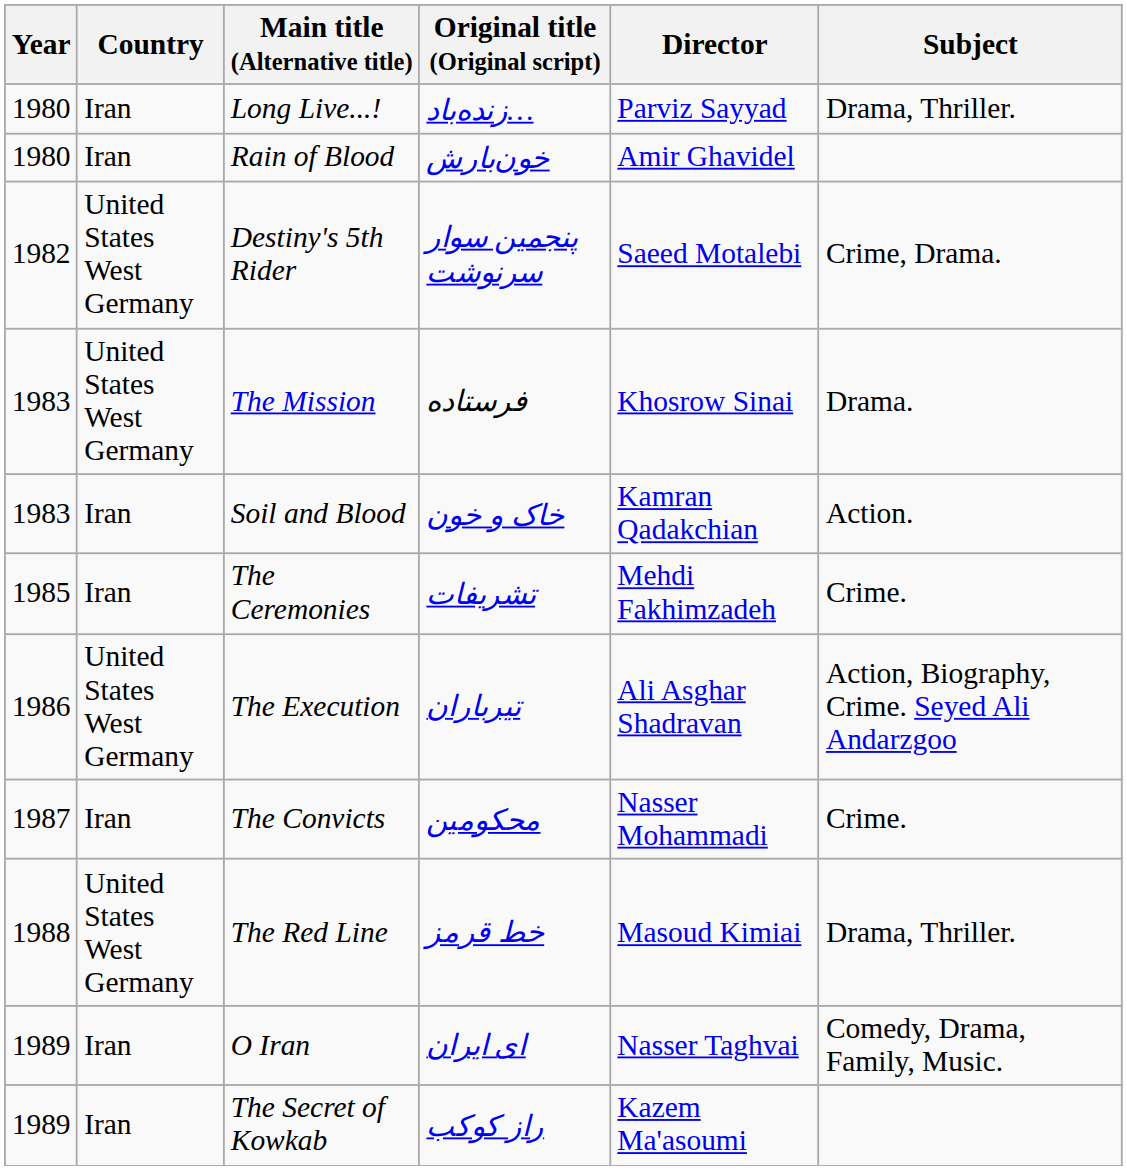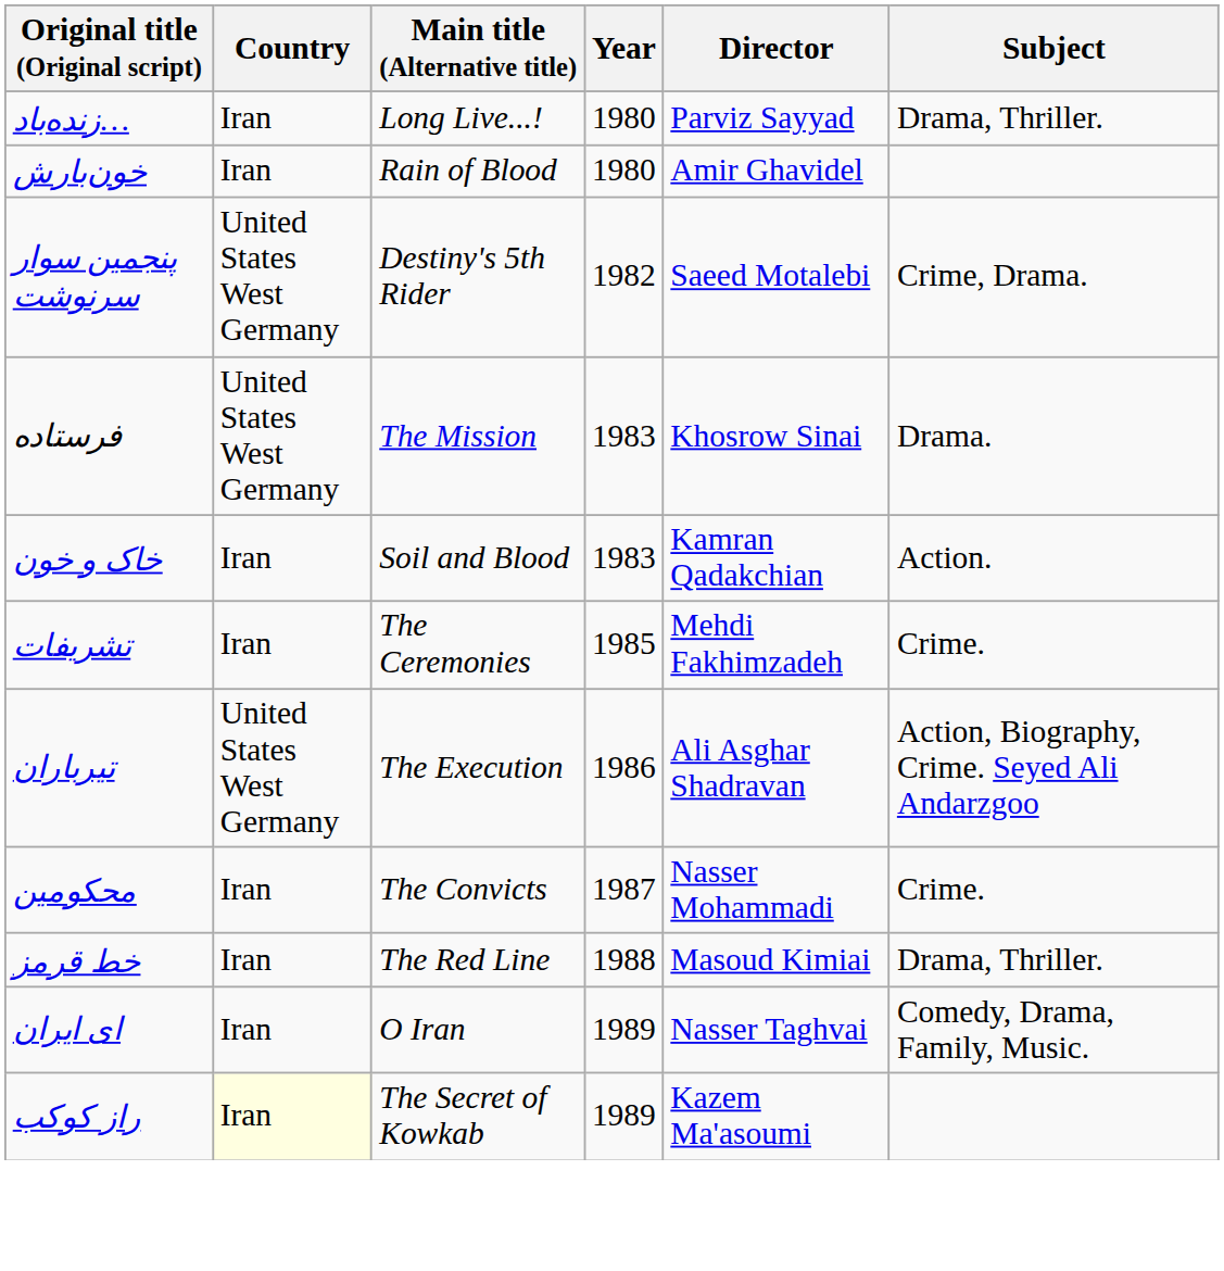 <table class="wikitable sortable">
 <tr>
-<th>Year</th>
+<th class="unsortable">Original title<br><small>(Original script)</small></th>
 <th>Country</th>
 <th class="unsortable">Main title<br><small>(Alternative title)</small></th>
-<th class="unsortable">Original title<br><small>(Original script)</small></th>
+<th>Year</th>
 <th>Director</th>
 <th class="unsortable">Subject</th>
 </tr>
 <tr>
-<td>1980</td>
+<td><em><a href='#'>زنده‌باد…</a></em></td>
 <td>Iran</td>
 <td><em>Long Live...!</em></td>
-<td><em><a href='#'>زنده‌باد…</a></em></td>
+<td>1980</td>
 <td><a href='#'>Parviz Sayyad</a></td>
 <td>Drama, Thriller.</td>
 </tr>
 <tr>
-<td>1980</td>
+<td><em><a href='#'>خون‌بارش</a></em></td>
 <td>Iran</td>
 <td><em>Rain of Blood</em></td>
-<td><em><a href='#'>خون‌بارش</a></em></td>
+<td>1980</td>
 <td><a href='#'>Amir Ghavidel</a></td>
 <td></td>
 </tr>
 <tr>
-<td>1982</td>
+<td><em><a href='#'>پنجمین سوار سرنوشت</a></em></td>
 <td>United States<br>West Germany</td>
 <td><em>Destiny's 5th Rider</em></td>
-<td><em><a href='#'>پنجمین سوار سرنوشت</a></em></td>
+<td>1982</td>
 <td><a href='#'>Saeed Motalebi</a></td>
 <td>Crime, Drama.</td>
 </tr>
 <tr>
-<td>1983</td>
+<td><em>فرستاده</em></td>
 <td>United States<br>West Germany</td>
 <td><em><a href='#'>The Mission</a></em></td>
-<td><em>فرستاده</em></td>
+<td>1983</td>
 <td><a href='#'>Khosrow Sinai</a></td>
 <td>Drama.</td>
 </tr>
 <tr>
-<td>1983</td>
+<td><em><a href='#'>خاک و خون</a></em></td>
 <td>Iran</td>
 <td><em>Soil and Blood</em></td>
-<td><em><a href='#'>خاک و خون</a></em></td>
+<td>1983</td>
 <td><a href='#'>Kamran Qadakchian</a></td>
 <td>Action.</td>
 </tr>
 <tr>
-<td>1985</td>
+<td><em><a href='#'>تشریفات</a></em></td>
 <td>Iran</td>
 <td><em>The Ceremonies</em></td>
-<td><em><a href='#'>تشریفات</a></em></td>
+<td>1985</td>
 <td><a href='#'>Mehdi Fakhimzadeh</a></td>
 <td>Crime.</td>
 </tr>
 <tr>
-<td>1986</td>
+<td><em><a href='#'>تیرباران</a></em></td>
 <td>United States<br>West Germany</td>
 <td><em>The Execution</em></td>
-<td><em><a href='#'>تیرباران</a></em></td>
+<td>1986</td>
 <td><a href='#'>Ali Asghar Shadravan</a></td>
 <td>Action, Biography, Crime. <a href='#'>Seyed Ali Andarzgoo</a></td>
 </tr>
 <tr>
-<td>1987</td>
+<td><em><a href='#'>محکومین</a></em></td>
 <td>Iran</td>
 <td><em>The Convicts</em></td>
-<td><em><a href='#'>محکومین</a></em></td>
+<td>1987</td>
 <td><a href='#'>Nasser Mohammadi</a></td>
 <td>Crime.</td>
 </tr>
 <tr>
+<td><em><a href='#'>خط قرمز</a></em></td>
+<td>Iran</td>
+<td><em>The Red Line</em></td>
 <td>1988</td>
-<td>United States<br>West Germany</td>
-<td><em>The Red Line</em></td>
-<td><em><a href='#'>خط قرمز</a></em></td>
 <td><a href='#'>Masoud Kimiai</a></td>
 <td>Drama, Thriller.</td>
 </tr>
 <tr>
-<td>1989</td>
+<td><em><a href='#'>ای ایران</a></em></td>
 <td>Iran</td>
 <td><em>O Iran</em></td>
-<td><em><a href='#'>ای ایران</a></em></td>
+<td>1989</td>
 <td><a href='#'>Nasser Taghvai</a></td>
 <td>Comedy, Drama, Family, Music.</td>
 </tr>
 <tr>
+<td><em><a href='#'>راز کوکب</a></em></td>
+<td style="background: lightyellow;">Iran</td>
+<td><em>The Secret of Kowkab</em></td>
 <td>1989</td>
-<td>Iran</td>
-<td><em>The Secret of Kowkab</em></td>
-<td><em><a href='#'>راز کوکب</a></em></td>
 <td><a href='#'>Kazem Ma'asoumi</a></td>
 <td></td>
 </tr>
 </table>
